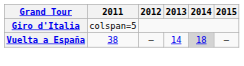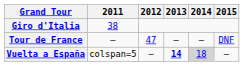 <table class="wikitable plainrowheaders">
 <tr>
 <th scope="col"><a href='#'>Grand Tour</a></th>
 <th scope="col">2011</th>
 <th scope="col">2012</th>
 <th scope="col">2013</th>
 <th scope="col">2014</th>
 <th scope="col">2015</th>
 </tr>
 <tr style="text-align:center;">
 <th scope="row"> <a href='#'>Giro d'Italia</a></th>
-<td>colspan=5 </td>
+<td><a href='#'>38</a></td>
+</tr>
+<tr style="text-align:center;">
+<th scope="row"> <a href='#'>Tour de France</a></th>
+<td>—</td>
+<td><a href='#'>47</a></td>
+<td>—</td>
+<td>—</td>
+<td><a href='#'>DNF</a></td>
 </tr>
 <tr style="text-align:center;">
 <th scope="row"> <a href='#'>Vuelta a España</a></th>
-<td><a href='#'>38</a></td>
+<td>colspan=5 </td>
 <td>—</td>
-<td><a href='#'>14</a></td>
+<td><strong><a href='#'>14</a></strong></td>
 <td style="background: lightgrey;"><a href='#'>18</a></td>
 <td>—</td>
 </tr>
 </table>
